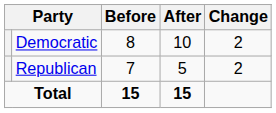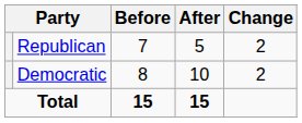 <table class="wikitable" style="text-align:center;">
 <tr>
 </tr>
 <tr>
 <th colspan=2>Party</th>
 <th>Before</th>
 <th>After</th>
 <th>Change</th>
 </tr>
 <tr>
 <th style="background-color:"></th>
-<td style="text-align:left;"><a href='#'>Democratic</a></td>
-<td>8</td>
-<td>10</td>
+<td style="text-align:left;"><a href='#'>Republican</a></td>
+<td>7</td>
+<td>5</td>
 <td> 2</td>
 </tr>
 <tr>
 <th style="background-color:"></th>
-<td style="text-align:left;"><a href='#'>Republican</a></td>
-<td>7</td>
-<td>5</td>
+<td style="text-align:left;"><a href='#'>Democratic</a></td>
+<td>8</td>
+<td>10</td>
 <td> 2</td>
 </tr>
 <tr>
 <td colspan=2><strong>Total</strong></td>
 <td><strong>15</strong></td>
 <td><strong>15</strong></td>
 <td></td>
 </tr>
 </table>
